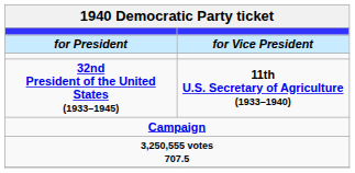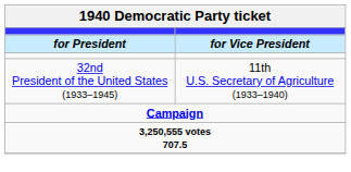 <table class="wikitable" style="font-size:90%; text-align:center;">
 <tr>
 <td style="background:#f1f1f1;" colspan="30"><big><strong>1940 Democratic Party ticket </strong></big></td>
 </tr>
 <tr>
 <th style="width:3em; font-size:135%; background:#3333FF; width:200px;"><a href='#'></a></th>
 <th style="width:3em; font-size:135%; background:#3333FF; width:200px;"><a href='#'></a></th>
 </tr>
 <tr>
 <td style="width:3em; font-size:100%; color:#000; background:#C8EBFF; width:200px;"><strong><em>for President</em></strong></td>
 <td style="width:3em; font-size:100%; color:#000; background:#C8EBFF; width:200px;"><strong><em>for Vice President</em></strong></td>
 </tr>
 <tr>
 <td></td>
 <td></td>
 </tr>
 <tr>
-<td><strong><a href='#'>32nd</a><br><a href='#'>President of the United States</a><br><small>(1933–1945)</small></strong></td>
-<td><strong>11th<br><a href='#'>U.S. Secretary of Agriculture</a><br><small>(1933–1940)</small></strong></td>
+<td><a href='#'>32nd</a><br><a href='#'>President of the United States</a><br><small>(1933–1945)</small></td>
+<td>11th<br><a href='#'>U.S. Secretary of Agriculture</a><br><small>(1933–1940)</small></td>
 </tr>
 <tr>
 <td colspan=2><a href='#'><strong>Campaign</strong></a></td>
 </tr>
 <tr>
 <td colspan=2><small><strong>3,250,555 votes</strong><br><strong>707.5 </strong></small></td>
 </tr>
 <tr>
 </tr>
 </table>
